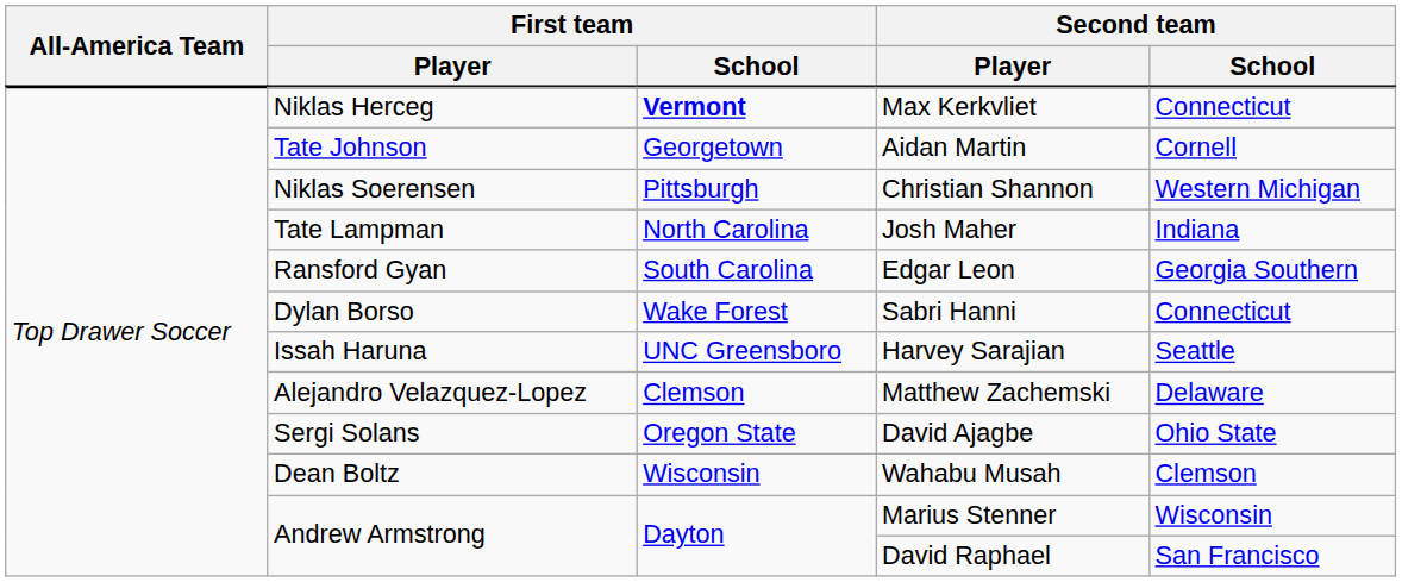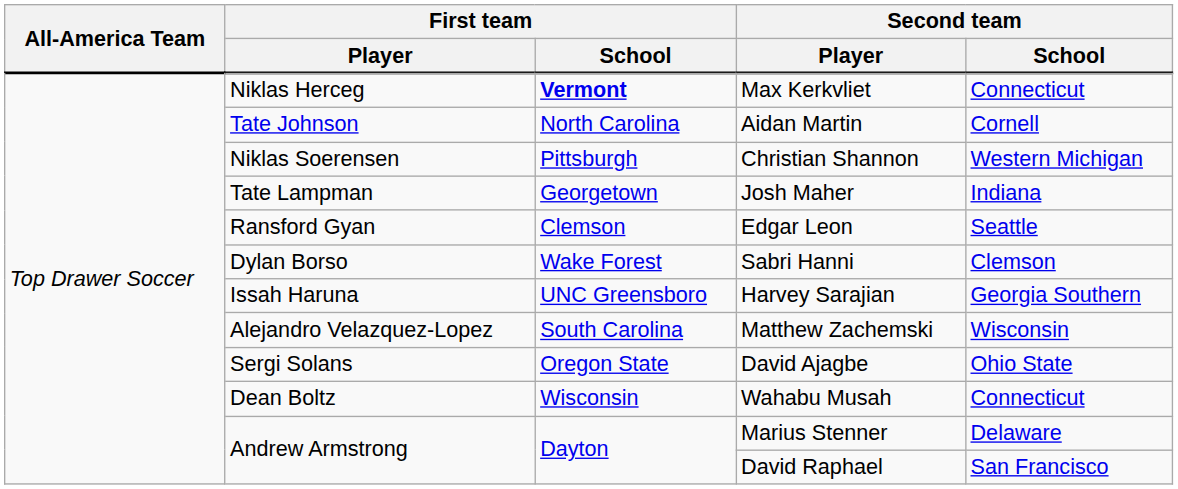 <table class="wikitable" style="width:98%;">
 <tr>
 <th rowspan="2">All-America Team</th>
 <th colspan="2">First team</th>
 <th colspan="2">Second team</th>
 </tr>
 <tr>
 <th>Player</th>
 <th>School</th>
 <th>Player</th>
 <th>School</th>
 </tr>
 <tr>
 </tr>
 <tr style="border-top:2px solid black;">
 <td rowspan="13"><em>Top Drawer Soccer</em></td>
 </tr>
 <tr>
 <td>Niklas Herceg</td>
 <td><strong><a href='#'>Vermont</a></strong></td>
 <td>Max Kerkvliet</td>
 <td><a href='#'>Connecticut</a></td>
 </tr>
 <tr>
 <td><a href='#'>Tate Johnson</a></td>
-<td><a href='#'>Georgetown</a></td>
+<td><a href='#'>North Carolina</a></td>
 <td>Aidan Martin</td>
 <td><a href='#'>Cornell</a></td>
 </tr>
 <tr>
 <td>Niklas Soerensen</td>
 <td><a href='#'>Pittsburgh</a></td>
 <td>Christian Shannon</td>
 <td><a href='#'>Western Michigan</a></td>
 </tr>
 <tr>
 <td>Tate Lampman</td>
-<td><a href='#'>North Carolina</a></td>
+<td><a href='#'>Georgetown</a></td>
 <td>Josh Maher</td>
 <td><a href='#'>Indiana</a></td>
 </tr>
 <tr>
 <td>Ransford Gyan</td>
-<td><a href='#'>South Carolina</a></td>
+<td><a href='#'>Clemson</a></td>
 <td>Edgar Leon</td>
-<td><a href='#'>Georgia Southern</a></td>
+<td><a href='#'>Seattle</a></td>
 </tr>
 <tr>
 <td>Dylan Borso</td>
 <td><a href='#'>Wake Forest</a></td>
 <td>Sabri Hanni</td>
-<td><a href='#'>Connecticut</a></td>
+<td><a href='#'>Clemson</a></td>
 </tr>
 <tr>
 <td>Issah Haruna</td>
 <td><a href='#'>UNC Greensboro</a></td>
 <td>Harvey Sarajian</td>
-<td><a href='#'>Seattle</a></td>
+<td><a href='#'>Georgia Southern</a></td>
 </tr>
 <tr>
 <td>Alejandro Velazquez-Lopez</td>
-<td><a href='#'>Clemson</a></td>
+<td><a href='#'>South Carolina</a></td>
 <td>Matthew Zachemski</td>
-<td><a href='#'>Delaware</a></td>
+<td><a href='#'>Wisconsin</a></td>
 </tr>
 <tr>
 <td>Sergi Solans</td>
 <td><a href='#'>Oregon State</a></td>
 <td>David Ajagbe</td>
 <td><a href='#'>Ohio State</a></td>
 </tr>
 <tr>
 <td>Dean Boltz</td>
 <td><a href='#'>Wisconsin</a></td>
 <td>Wahabu Musah</td>
-<td><a href='#'>Clemson</a></td>
+<td><a href='#'>Connecticut</a></td>
 </tr>
 <tr>
 <td rowspan=2>Andrew Armstrong</td>
 <td rowspan=2><a href='#'>Dayton</a></td>
 <td>Marius Stenner</td>
-<td><a href='#'>Wisconsin</a></td>
+<td><a href='#'>Delaware</a></td>
 </tr>
 <tr>
 <td>David Raphael</td>
 <td><a href='#'>San Francisco</a></td>
 </tr>
 </table>
